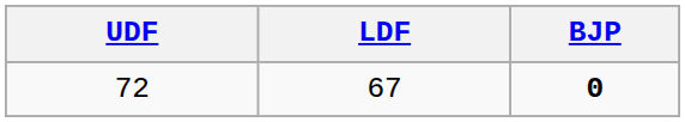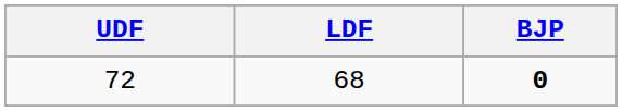 <table class="wikitable" style="text-align:center; width:300px; height:50px">
 <tr>
 <th><a href='#'>UDF</a></th>
 <th><a href='#'>LDF</a></th>
 <th><a href='#'>BJP</a></th>
 </tr>
 <tr>
 <td style="background:">72</td>
-<td style="background:">67</td>
+<td style="background:">68</td>
 <td style= width:25%><strong>0</strong></td>
 </tr>
 </table>
